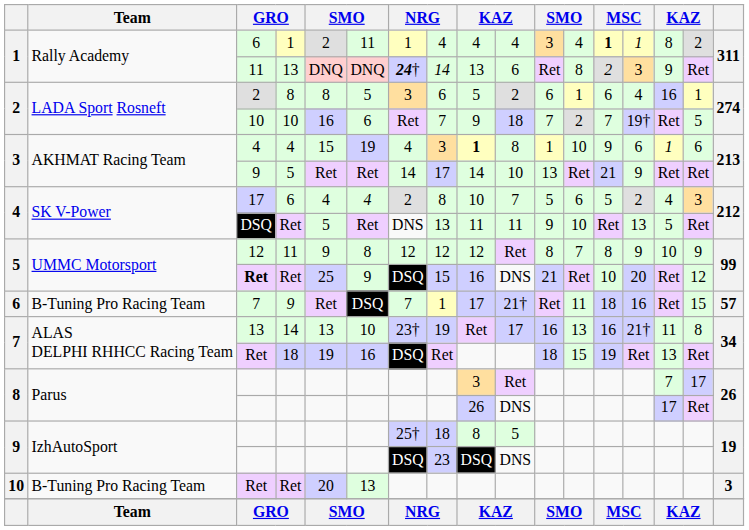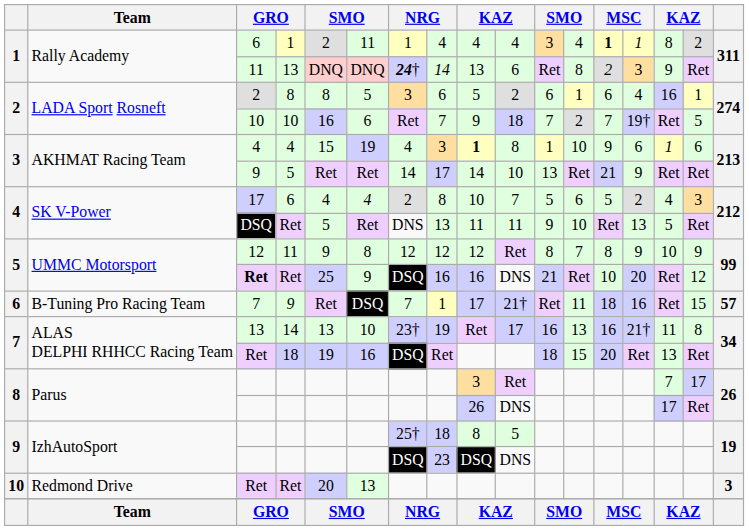 <table align=left| class="wikitable" style="font-size: 85%; text-align: center">
 <tr valign="top">
 <th valign="middle"></th>
 <th valign="middle">Team</th>
 <th colspan=2><a href='#'>GRO</a></th>
 <th colspan=2><a href='#'>SMO</a></th>
 <th colspan=2><a href='#'>NRG</a></th>
 <th colspan=2><a href='#'>KAZ</a></th>
 <th colspan=2><a href='#'>SMO</a></th>
 <th colspan=2><a href='#'>MSC</a></th>
 <th colspan=2><a href='#'>KAZ</a></th>
 <th valign="middle"></th>
 </tr>
 <tr>
 <th rowspan="2">1</th>
 <td rowspan="2" align=left>Rally Academy</td>
 <td style="background:#dfffdf;">6</td>
 <td style="background:#ffffbf;">1</td>
 <td style="background:#dfdfdf;">2</td>
 <td style="background:#dfffdf;">11</td>
 <td style="background:#ffffbf;">1</td>
 <td style="background:#dfffdf;">4</td>
 <td style="background:#dfffdf;">4</td>
 <td style="background:#dfffdf;">4</td>
 <td style="background:#ffdf9f;">3</td>
 <td style="background:#dfffdf;">4</td>
 <td style="background:#ffffbf;"><strong>1</strong></td>
 <td style="background:#ffffbf;"><em>1</em></td>
 <td style="background:#dfffdf;">8</td>
 <td style="background:#dfdfdf;">2</td>
 <th rowspan="2">311</th>
 </tr>
 <tr>
 <td style="background:#dfffdf;">11</td>
 <td style="background:#dfffdf;">13</td>
 <td style="background:#ffcfcf;">DNQ</td>
 <td style="background:#ffcfcf;">DNQ</td>
 <td style="background:#cfcfff;"><strong><em>24</em></strong>†</td>
 <td style="background:#dfffdf;"><em>14</em></td>
 <td style="background:#dfffdf;">13</td>
 <td style="background:#dfffdf;">6</td>
 <td style="background:#efcfff;">Ret</td>
 <td style="background:#dfffdf;">8</td>
 <td style="background:#dfdfdf;"><em>2</em></td>
 <td style="background:#ffdf9f;">3</td>
 <td style="background:#dfffdf;">9</td>
 <td style="background:#efcfff;">Ret</td>
 </tr>
 <tr>
 <th rowspan="2">2</th>
 <td rowspan="2" align=left><a href='#'>LADA Sport</a> <a href='#'>Rosneft</a></td>
 <td style="background:#dfdfdf;">2</td>
 <td style="background:#dfffdf;">8</td>
 <td style="background:#dfffdf;">8</td>
 <td style="background:#dfffdf;">5</td>
 <td style="background:#ffdf9f;">3</td>
 <td style="background:#dfffdf;">6</td>
 <td style="background:#dfffdf;">5</td>
 <td style="background:#dfdfdf;">2</td>
 <td style="background:#dfffdf;">6</td>
 <td style="background:#ffffbf;">1</td>
 <td style="background:#dfffdf;">6</td>
 <td style="background:#dfffdf;">4</td>
 <td style="background:#cfcfff;">16</td>
 <td style="background:#ffffbf;">1</td>
 <th rowspan="2">274</th>
 </tr>
 <tr>
 <td style="background:#dfffdf;">10</td>
 <td style="background:#dfffdf;">10</td>
 <td style="background:#cfcfff;">16</td>
 <td style="background:#dfffdf;">6</td>
 <td style="background:#efcfff;">Ret</td>
 <td style="background:#dfffdf;">7</td>
 <td style="background:#dfffdf;">9</td>
 <td style="background:#cfcfff;">18</td>
 <td style="background:#dfffdf;">7</td>
 <td style="background:#dfdfdf;">2</td>
 <td style="background:#dfffdf;">7</td>
 <td style="background:#cfcfff;">19†</td>
 <td style="background:#efcfff;">Ret</td>
 <td style="background:#dfffdf;">5</td>
 </tr>
 <tr>
 <th rowspan="2">3</th>
 <td rowspan="2" align=left>AKHMAT Racing Team</td>
 <td style="background:#dfffdf;">4</td>
 <td style="background:#dfffdf;">4</td>
 <td style="background:#dfffdf;">15</td>
 <td style="background:#cfcfff;">19</td>
 <td style="background:#dfffdf;">4</td>
 <td style="background:#ffdf9f;">3</td>
 <td style="background:#ffffbf;"><strong>1</strong></td>
 <td style="background:#dfffdf;">8</td>
 <td style="background:#ffffbf;">1</td>
 <td style="background:#dfffdf;">10</td>
 <td style="background:#dfffdf;">9</td>
 <td style="background:#dfffdf;">6</td>
 <td style="background:#ffffbf;"><em>1</em></td>
 <td style="background:#dfffdf;">6</td>
 <th rowspan="2">213</th>
 </tr>
 <tr>
 <td style="background:#dfffdf;">9</td>
 <td style="background:#dfffdf;">5</td>
 <td style="background:#efcfff;">Ret</td>
 <td style="background:#efcfff;">Ret</td>
 <td style="background:#dfffdf;">14</td>
 <td style="background:#cfcfff;">17</td>
 <td style="background:#dfffdf;">14</td>
 <td style="background:#dfffdf;">10</td>
 <td style="background:#dfffdf;">13</td>
 <td style="background:#efcfff;">Ret</td>
 <td style="background:#cfcfff;">21</td>
 <td style="background:#dfffdf;">9</td>
 <td style="background:#efcfff;">Ret</td>
 <td style="background:#efcfff;">Ret</td>
 </tr>
 <tr>
 <th rowspan="2">4</th>
 <td rowspan="2" align=left><a href='#'>SK V-Power</a></td>
 <td style="background:#cfcfff;">17</td>
 <td style="background:#dfffdf;">6</td>
 <td style="background:#dfffdf;">4</td>
 <td style="background:#dfffdf;"><em>4</em></td>
 <td style="background:#dfdfdf;">2</td>
 <td style="background:#dfffdf;">8</td>
 <td style="background:#dfffdf;">10</td>
 <td style="background:#dfffdf;">7</td>
 <td style="background:#dfffdf;">5</td>
 <td style="background:#dfffdf;">6</td>
 <td style="background:#dfffdf;">5</td>
 <td style="background:#dfdfdf;">2</td>
 <td style="background:#dfffdf;">4</td>
 <td style="background:#ffdf9f;">3</td>
 <th rowspan="2">212</th>
 </tr>
 <tr>
 <td style="background:black; color:white;">DSQ</td>
 <td style="background:#efcfff;">Ret</td>
 <td style="background:#dfffdf;">5</td>
 <td style="background:#efcfff;">Ret</td>
 <td>DNS</td>
 <td style="background:#dfffdf;">13</td>
 <td style="background:#dfffdf;">11</td>
 <td style="background:#dfffdf;">11</td>
 <td style="background:#dfffdf;">9</td>
 <td style="background:#dfffdf;">10</td>
 <td style="background:#efcfff;">Ret</td>
 <td style="background:#dfffdf;">13</td>
 <td style="background:#dfffdf;">5</td>
 <td style="background:#efcfff;">Ret</td>
 </tr>
 <tr>
 <th rowspan="2">5</th>
 <td rowspan="2" align=left><a href='#'>UMMC Motorsport</a></td>
 <td style="background:#dfffdf;">12</td>
 <td style="background:#dfffdf;">11</td>
 <td style="background:#dfffdf;">9</td>
 <td style="background:#dfffdf;">8</td>
 <td style="background:#dfffdf;">12</td>
 <td style="background:#dfffdf;">12</td>
 <td style="background:#dfffdf;">12</td>
 <td style="background:#efcfff;">Ret</td>
 <td style="background:#dfffdf;">8</td>
 <td style="background:#dfffdf;">7</td>
 <td style="background:#dfffdf;">8</td>
 <td style="background:#dfffdf;">9</td>
 <td style="background:#dfffdf;">10</td>
 <td style="background:#dfffdf;">9</td>
 <th rowspan="2">99</th>
 </tr>
 <tr>
 <td style="background:#efcfff;"><strong>Ret</strong></td>
 <td style="background:#efcfff;">Ret</td>
 <td style="background:#cfcfff;">25</td>
 <td style="background:#dfffdf;">9</td>
 <td style="background:black; color:white;">DSQ</td>
-<td style="background:#cfcfff;">15</td>
+<td style="background:#cfcfff;">16</td>
 <td style="background:#cfcfff;">16</td>
 <td>DNS</td>
 <td style="background:#cfcfff;">21</td>
 <td style="background:#efcfff;">Ret</td>
 <td style="background:#dfffdf;">10</td>
 <td style="background:#cfcfff;">20</td>
 <td style="background:#efcfff;">Ret</td>
 <td style="background:#dfffdf;">12</td>
 </tr>
 <tr>
 <th>6</th>
 <td align=left>B-Tuning Pro Racing Team</td>
 <td style="background:#dfffdf;">7</td>
 <td style="background:#dfffdf;"><em>9</em></td>
 <td style="background:#efcfff;">Ret</td>
 <td style="background:black; color:white;">DSQ</td>
 <td style="background:#dfffdf;">7</td>
 <td style="background:#ffffbf;">1</td>
 <td style="background:#cfcfff;">17</td>
 <td style="background:#cfcfff;">21†</td>
 <td style="background:#efcfff;">Ret</td>
 <td style="background:#dfffdf;">11</td>
 <td style="background:#cfcfff;">18</td>
 <td style="background:#cfcfff;">16</td>
 <td style="background:#efcfff;">Ret</td>
 <td style="background:#dfffdf;">15</td>
 <th>57</th>
 </tr>
 <tr>
 <th rowspan="2">7</th>
 <td rowspan="2" align=left>ALAS<br>DELPHI RHHCC Racing Team</td>
 <td style="background:#dfffdf;">13</td>
 <td style="background:#dfffdf;">14</td>
 <td style="background:#dfffdf;">13</td>
 <td style="background:#dfffdf;">10</td>
 <td style="background:#cfcfff;">23†</td>
 <td style="background:#cfcfff;">19</td>
 <td style="background:#efcfff;">Ret</td>
 <td style="background:#cfcfff;">17</td>
 <td style="background:#cfcfff;">16</td>
 <td style="background:#dfffdf;">13</td>
 <td style="background:#cfcfff;">16</td>
 <td style="background:#cfcfff;">21†</td>
 <td style="background:#dfffdf;">11</td>
 <td style="background:#dfffdf;">8</td>
 <th rowspan="2">34</th>
 </tr>
 <tr>
 <td style="background:#efcfff;">Ret</td>
 <td style="background:#cfcfff;">18</td>
 <td style="background:#cfcfff;">19</td>
 <td style="background:#cfcfff;">16</td>
 <td style="background:black; color:white;">DSQ</td>
 <td style="background:#efcfff;">Ret</td>
 <td></td>
 <td></td>
 <td style="background:#cfcfff;">18</td>
 <td style="background:#dfffdf;">15</td>
-<td style="background:#cfcfff;">19</td>
+<td style="background:#cfcfff;">20</td>
 <td style="background:#efcfff;">Ret</td>
 <td style="background:#dfffdf;">13</td>
 <td style="background:#efcfff;">Ret</td>
 </tr>
 <tr>
 <th rowspan="2">8</th>
 <td rowspan="2" align=left>Parus</td>
 <td></td>
 <td></td>
 <td></td>
 <td></td>
 <td></td>
 <td></td>
 <td style="background:#ffdf9f;">3</td>
 <td style="background:#efcfff;">Ret</td>
 <td></td>
 <td></td>
 <td></td>
 <td></td>
 <td style="background:#dfffdf;">7</td>
 <td style="background:#cfcfff;">17</td>
 <th rowspan="2">26</th>
 </tr>
 <tr>
 <td></td>
 <td></td>
 <td></td>
 <td></td>
 <td></td>
 <td></td>
 <td style="background:#cfcfff;">26</td>
 <td>DNS</td>
 <td></td>
 <td></td>
 <td></td>
 <td></td>
 <td style="background:#cfcfff;">17</td>
 <td style="background:#efcfff;">Ret</td>
 </tr>
 <tr>
 <th rowspan="2">9</th>
 <td rowspan="2" align=left>IzhAutoSport</td>
 <td></td>
 <td></td>
 <td></td>
 <td></td>
 <td style="background:#cfcfff;">25†</td>
 <td style="background:#cfcfff;">18</td>
 <td style="background:#dfffdf;">8</td>
 <td style="background:#dfffdf;">5</td>
 <td></td>
 <td></td>
 <td></td>
 <td></td>
 <td></td>
 <td></td>
 <th rowspan="2">19</th>
 </tr>
 <tr>
 <td></td>
 <td></td>
 <td></td>
 <td></td>
 <td style="background:black; color:white;">DSQ</td>
 <td style="background:#cfcfff;">23</td>
 <td style="background:black; color:white;">DSQ</td>
 <td>DNS</td>
 <td></td>
 <td></td>
 <td></td>
 <td></td>
 <td></td>
 <td></td>
 </tr>
 <tr>
 <th>10</th>
-<td align=left>B-Tuning Pro Racing Team</td>
+<td align=left>Redmond Drive</td>
 <td style="background:#efcfff;">Ret</td>
 <td style="background:#efcfff;">Ret</td>
 <td style="background:#cfcfff;">20</td>
 <td style="background:#dfffdf;">13</td>
 <td></td>
 <td></td>
 <td></td>
 <td></td>
 <td></td>
 <td></td>
 <td></td>
 <td></td>
 <td></td>
 <td></td>
 <th>3</th>
 </tr>
 <tr>
 </tr>
 <tr valign="top">
 <th valign="middle"></th>
 <th valign="middle">Team</th>
 <th colspan=2><a href='#'>GRO</a></th>
 <th colspan=2><a href='#'>SMO</a></th>
 <th colspan=2><a href='#'>NRG</a></th>
 <th colspan=2><a href='#'>KAZ</a></th>
 <th colspan=2><a href='#'>SMO</a></th>
 <th colspan=2><a href='#'>MSC</a></th>
 <th colspan=2><a href='#'>KAZ</a></th>
 <th valign="middle"></th>
 </tr>
 </table>
